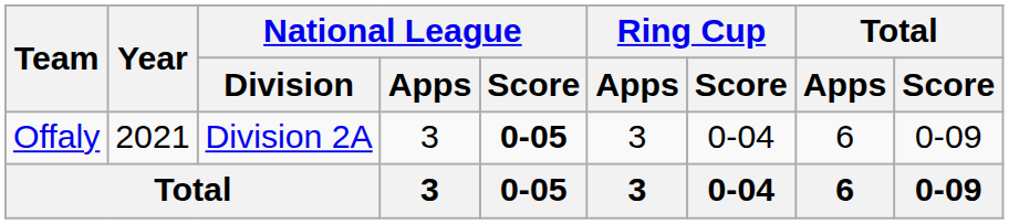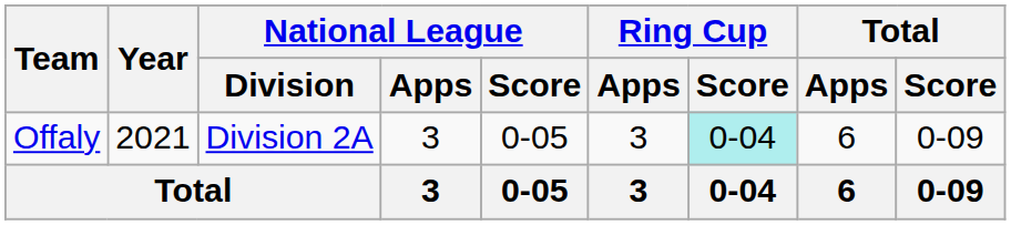 <table class="wikitable" style="text-align:center">
 <tr>
 <th rowspan="2">Team</th>
 <th rowspan="2">Year</th>
 <th colspan="3"><a href='#'>National League</a></th>
 <th colspan="2"><a href='#'>Ring Cup</a></th>
 <th colspan="2">Total</th>
 </tr>
 <tr>
 <th>Division</th>
 <th>Apps</th>
 <th>Score</th>
 <th>Apps</th>
 <th>Score</th>
 <th>Apps</th>
 <th>Score</th>
 </tr>
 <tr>
 <td rowspan="1"><a href='#'>Offaly</a></td>
 <td>2021</td>
 <td rowspan="1"><a href='#'>Division 2A</a></td>
 <td>3</td>
-<td><strong>0-05</strong></td>
+<td>0-05</td>
 <td>3</td>
-<td>0-04</td>
+<td style="background: paleturquoise;">0-04</td>
 <td>6</td>
 <td>0-09</td>
 </tr>
 <tr>
 <th colspan="3">Total</th>
 <th>3</th>
 <th>0-05</th>
 <th>3</th>
 <th>0-04</th>
 <th>6</th>
 <th>0-09</th>
 </tr>
 </table>
